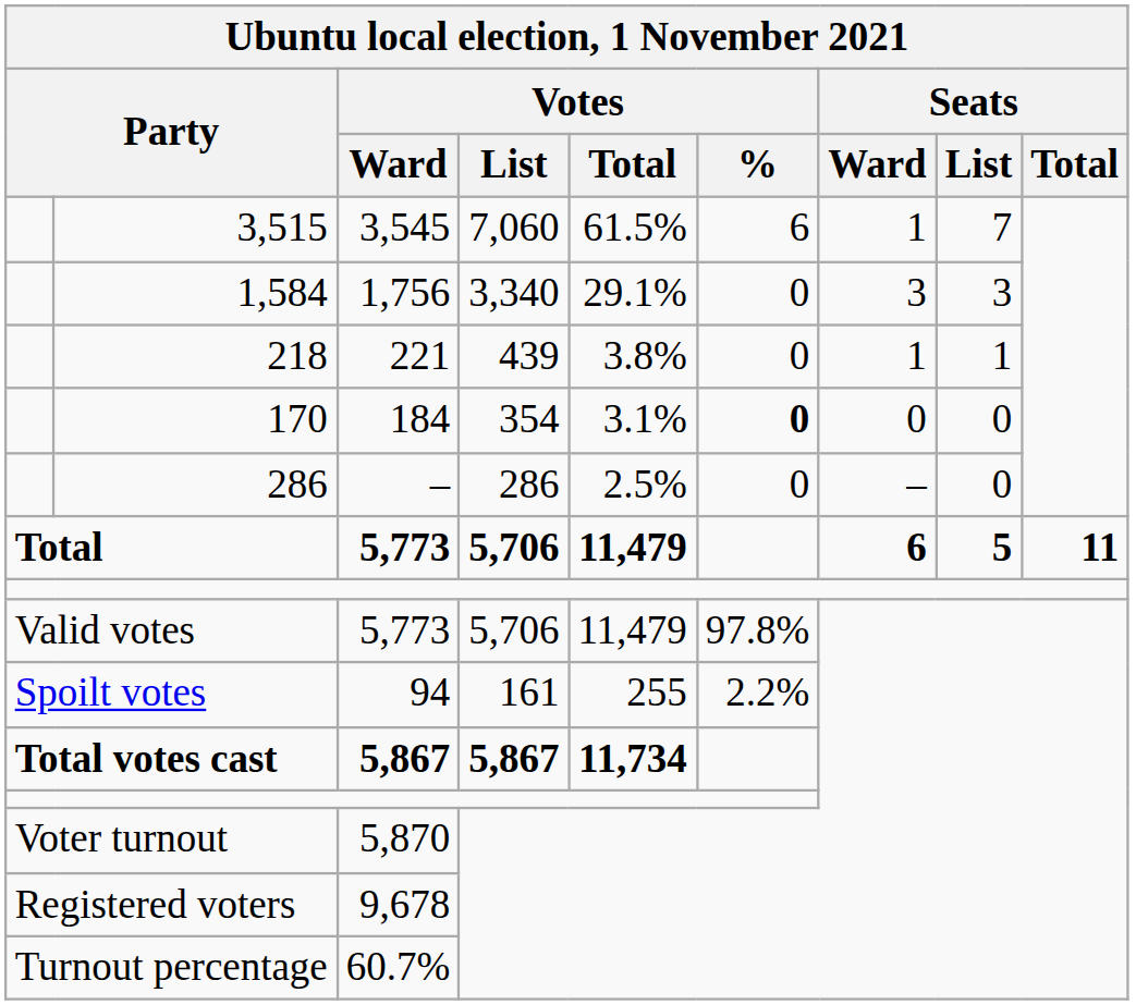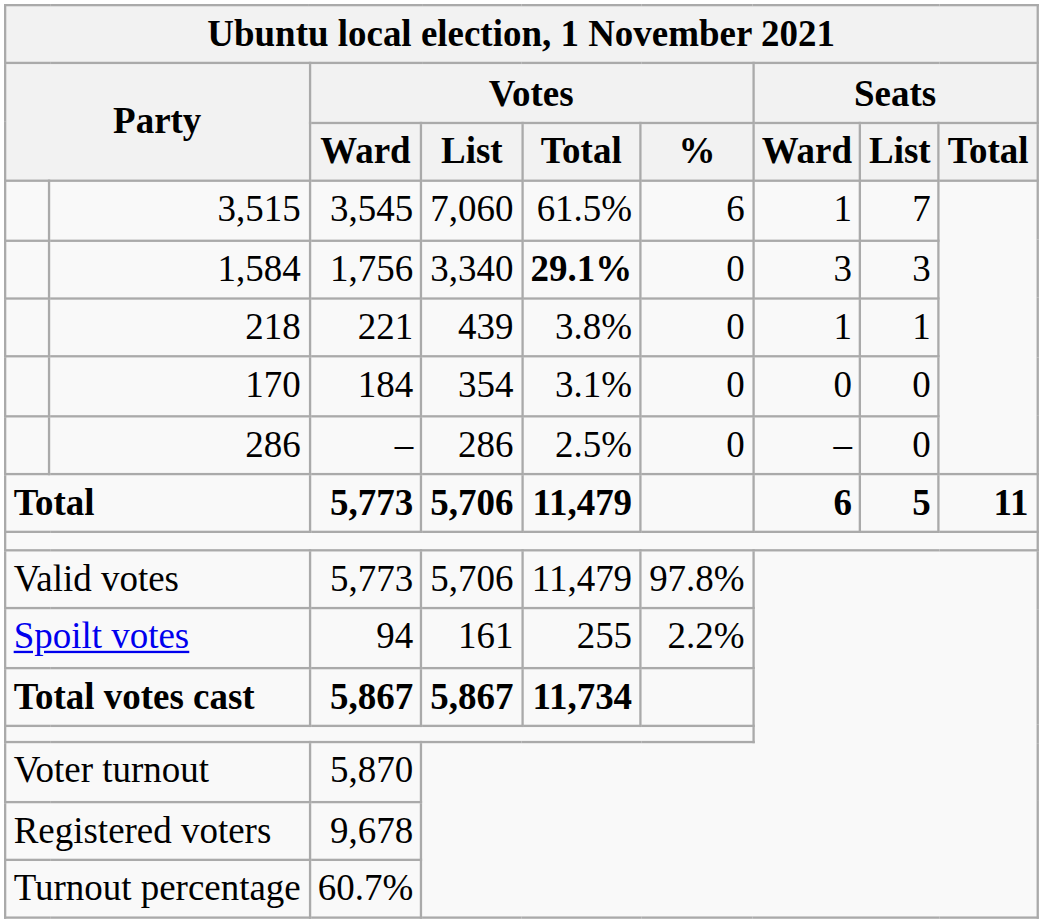 <table class=wikitable style="text-align:right">
 <tr>
 <th colspan="9" align="center">Ubuntu local election, 1 November 2021</th>
 </tr>
 <tr>
 <th rowspan="2" colspan="2">Party</th>
 <th colspan="4" align="center">Votes</th>
 <th colspan="3" align="center">Seats</th>
 </tr>
 <tr>
 <th>Ward</th>
 <th>List</th>
 <th>Total</th>
 <th>%</th>
 <th>Ward</th>
 <th>List</th>
 <th>Total</th>
 </tr>
 <tr>
 <td></td>
 <td>3,515</td>
 <td>3,545</td>
 <td>7,060</td>
 <td>61.5%</td>
 <td>6</td>
 <td>1</td>
 <td>7</td>
 </tr>
 <tr>
 <td></td>
 <td>1,584</td>
 <td>1,756</td>
 <td>3,340</td>
-<td>29.1%</td>
+<td><strong>29.1%</strong></td>
 <td>0</td>
 <td>3</td>
 <td>3</td>
 </tr>
 <tr>
 <td></td>
 <td>218</td>
 <td>221</td>
 <td>439</td>
 <td>3.8%</td>
 <td>0</td>
 <td>1</td>
 <td>1</td>
 </tr>
 <tr>
 <td></td>
 <td>170</td>
 <td>184</td>
 <td>354</td>
 <td>3.1%</td>
-<td><strong>0</strong></td>
+<td>0</td>
 <td>0</td>
 <td>0</td>
 </tr>
 <tr>
 <td></td>
 <td>286</td>
 <td>–</td>
 <td>286</td>
 <td>2.5%</td>
 <td>0</td>
 <td>–</td>
 <td>0</td>
 </tr>
 <tr>
 <td colspan="2" style="text-align:left"><strong>Total</strong></td>
 <td><strong>5,773</strong></td>
 <td><strong>5,706</strong></td>
 <td><strong>11,479</strong></td>
 <td></td>
 <td><strong>6</strong></td>
 <td><strong>5</strong></td>
 <td><strong>11</strong></td>
 </tr>
 <tr>
 <td colspan="9"></td>
 </tr>
 <tr>
 <td colspan="2" style="text-align:left">Valid votes</td>
 <td>5,773</td>
 <td>5,706</td>
 <td>11,479</td>
 <td>97.8%</td>
 </tr>
 <tr>
 <td colspan="2" style="text-align:left"><a href='#'>Spoilt votes</a></td>
 <td>94</td>
 <td>161</td>
 <td>255</td>
 <td>2.2%</td>
 </tr>
 <tr>
 <td colspan="2" style="text-align:left"><strong>Total votes cast</strong></td>
 <td><strong>5,867</strong></td>
 <td><strong>5,867</strong></td>
 <td><strong>11,734</strong></td>
 <td></td>
 </tr>
 <tr>
 <td colspan="6"></td>
 </tr>
 <tr>
 <td colspan="2" style="text-align:left">Voter turnout</td>
 <td>5,870</td>
 </tr>
 <tr>
 <td colspan="2" style="text-align:left">Registered voters</td>
 <td>9,678</td>
 </tr>
 <tr>
 <td colspan="2" style="text-align:left">Turnout percentage</td>
 <td>60.7%</td>
 </tr>
 </table>
